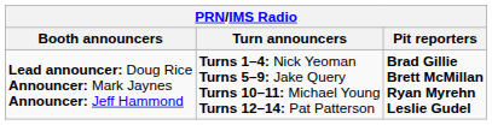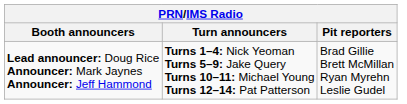 <table class="wikitable" style="font-size: 95%">
 <tr>
 <th colspan="3"><a href='#'>PRN</a>/<a href='#'>IMS Radio</a></th>
 </tr>
 <tr>
 <th>Booth announcers</th>
 <th>Turn announcers</th>
 <th>Pit reporters</th>
 </tr>
 <tr>
 <td><strong>Lead announcer:</strong> Doug Rice<br><strong>Announcer:</strong> Mark Jaynes<br><strong>Announcer:</strong> <a href='#'>Jeff Hammond</a></td>
 <td><strong>Turns 1–4:</strong> Nick Yeoman<br><strong>Turns 5–9:</strong> Jake Query<br><strong>Turns 10–11:</strong> Michael Young<br><strong>Turns 12–14:</strong> Pat Patterson</td>
-<td><strong>Brad Gillie<br>Brett McMillan<br>Ryan Myrehn<br>Leslie Gudel</strong></td>
+<td>Brad Gillie<br>Brett McMillan<br>Ryan Myrehn<br>Leslie Gudel</td>
 </tr>
 </table>
